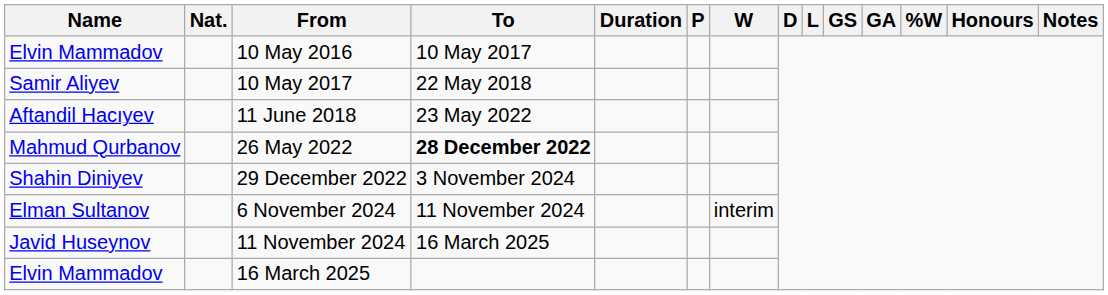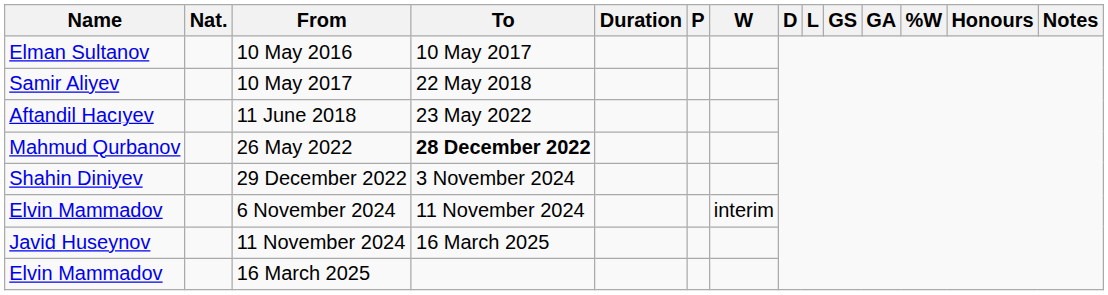 <table class="wikitable sortable" style="text-align: center">
 <tr>
 <th>Name</th>
 <th>Nat.</th>
 <th class="unsortable">From</th>
 <th class="unsortable">To</th>
 <th class="unsortable">Duration</th>
 <th abbr="TOTAL OF MATCHES PLAYED">P</th>
 <th abbr="MATCHES WON">W</th>
 <th abbr="MATCHES DRAWN">D</th>
 <th abbr="MATCHES LOST">L</th>
 <th abbr="GOALS SCORED">GS</th>
 <th abbr="GOAL AGAINST">GA</th>
 <th abbr="PERCENTAGE OF MATCHES WON">%W</th>
 <th abbr="HONOURS">Honours</th>
 <th abbr="NOTES">Notes</th>
 </tr>
 <tr>
-<td align=left><a href='#'>Elvin Mammadov</a></td>
+<td align=left><a href='#'>Elman Sultanov</a></td>
 <td align=left></td>
 <td align=left>10 May 2016</td>
 <td align=left>10 May 2017</td>
 <td><br></td>
 <td></td>
 <td></td>
 </tr>
 <tr>
 <td align=left><a href='#'>Samir Aliyev</a></td>
 <td align=left></td>
 <td align=left>10 May 2017</td>
 <td align=left>22 May 2018</td>
 <td><br></td>
 <td></td>
 <td></td>
 </tr>
 <tr>
 <td align=left><a href='#'>Aftandil Hacıyev</a></td>
 <td align=left></td>
 <td align=left>11 June 2018</td>
 <td align=left>23 May 2022</td>
 <td><br></td>
 <td></td>
 <td></td>
 </tr>
 <tr>
 <td align=left><a href='#'>Mahmud Qurbanov</a></td>
 <td align=left></td>
 <td align=left>26 May 2022</td>
 <td align=left><strong>28 December 2022</strong></td>
 <td><br></td>
 <td></td>
 <td></td>
 </tr>
 <tr>
 <td align=left><a href='#'>Shahin Diniyev</a></td>
 <td align=left></td>
 <td align=left>29 December 2022</td>
 <td align=left>3 November 2024</td>
 <td><br></td>
 <td></td>
 <td></td>
 </tr>
 <tr>
-<td align=left><a href='#'>Elman Sultanov</a></td>
+<td align=left><a href='#'>Elvin Mammadov</a></td>
 <td align=left></td>
 <td align=left>6 November 2024</td>
 <td align=left>11 November 2024</td>
 <td><br></td>
 <td></td>
 <td>interim</td>
 </tr>
 <tr>
 <td align=left><a href='#'>Javid Huseynov</a></td>
 <td align=left></td>
 <td align=left>11 November 2024</td>
 <td align=left>16 March 2025</td>
 <td><br></td>
 <td></td>
 <td></td>
 </tr>
 <tr>
 <td align=left><a href='#'>Elvin Mammadov</a></td>
 <td align=left></td>
 <td align=left>16 March 2025</td>
 <td align=left></td>
 <td><br></td>
 <td></td>
 <td></td>
 </tr>
 </table>
